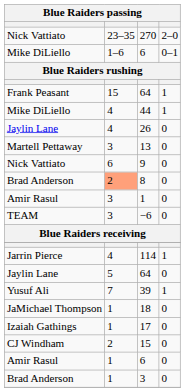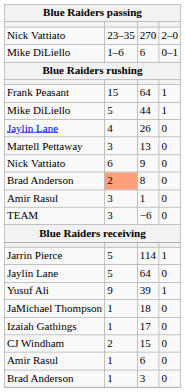 <table class="wikitable plainrowheaders">
 <tr>
 <th colspan="6">Blue Raiders passing</th>
 </tr>
 <tr>
 <th scope="col"></th>
 <th scope="col"></th>
 <th scope="col"></th>
 <th scope="col"></th>
 </tr>
 <tr>
 <td>Nick Vattiato</td>
 <td>23–35</td>
 <td>270</td>
 <td>2–0</td>
 </tr>
 <tr>
 <td>Mike DiLiello</td>
 <td>1–6</td>
 <td>6</td>
 <td>0–1</td>
 </tr>
 <tr>
 <th colspan="6">Blue Raiders rushing</th>
 </tr>
 <tr>
 <th scope="col"></th>
 <th scope="col"></th>
 <th scope="col"></th>
 <th scope="col"></th>
 </tr>
 <tr>
 <td>Frank Peasant</td>
 <td>15</td>
 <td>64</td>
 <td>1</td>
 </tr>
 <tr>
 <td>Mike DiLiello</td>
-<td>4</td>
+<td>5</td>
 <td>44</td>
 <td>1</td>
 </tr>
 <tr>
 <td><a href='#'>Jaylin Lane</a></td>
 <td>4</td>
 <td>26</td>
 <td>0</td>
 </tr>
 <tr>
 <td>Martell Pettaway</td>
 <td>3</td>
 <td>13</td>
 <td>0</td>
 </tr>
 <tr>
 <td>Nick Vattiato</td>
 <td>6</td>
 <td>9</td>
 <td>0</td>
 </tr>
 <tr>
 <td>Brad Anderson</td>
 <td style="background: lightsalmon;">2</td>
 <td>8</td>
 <td>0</td>
 </tr>
 <tr>
 <td>Amir Rasul</td>
 <td>3</td>
 <td>1</td>
 <td>0</td>
 </tr>
 <tr>
 <td>TEAM</td>
 <td>3</td>
 <td>−6</td>
 <td>0</td>
 </tr>
 <tr>
 <th colspan="6">Blue Raiders receiving</th>
 </tr>
 <tr>
 </tr>
 <tr>
 <th scope="col"></th>
 <th scope="col"></th>
 <th scope="col"></th>
 <th scope="col"></th>
 </tr>
 <tr>
 <td>Jarrin Pierce</td>
-<td>4</td>
+<td>5</td>
 <td>114</td>
 <td>1</td>
 </tr>
 <tr>
 <td>Jaylin Lane</td>
 <td>5</td>
 <td>64</td>
 <td>0</td>
 </tr>
 <tr>
 <td>Yusuf Ali</td>
-<td>7</td>
+<td>9</td>
 <td>39</td>
 <td>1</td>
 </tr>
 <tr>
 <td>JaMichael Thompson</td>
 <td>1</td>
 <td>18</td>
 <td>0</td>
 </tr>
 <tr>
 <td>Izaiah Gathings</td>
 <td>1</td>
 <td>17</td>
 <td>0</td>
 </tr>
 <tr>
 <td>CJ Windham</td>
 <td>2</td>
 <td>15</td>
 <td>0</td>
 </tr>
 <tr>
 <td>Amir Rasul</td>
 <td>1</td>
 <td>6</td>
 <td>0</td>
 </tr>
 <tr>
 <td>Brad Anderson</td>
 <td>1</td>
 <td>3</td>
 <td>0</td>
 </tr>
 <tr>
 </tr>
 </table>
